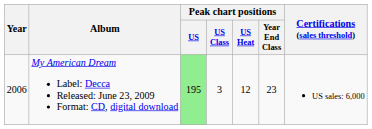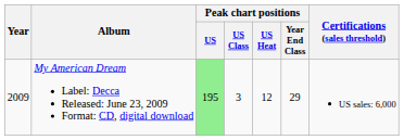 <table class="wikitable">
 <tr>
 <th rowspan="2">Year</th>
 <th rowspan="2">Album</th>
 <th colspan="4">Peak chart positions</th>
 <th rowspan="2"><a href='#'>Certifications</a><br><small>(<a href='#'>sales threshold</a>)</small></th>
 </tr>
 <tr style="font-size:smaller;">
 <th width="35"><a href='#'>US</a></th>
 <th width="35"><a href='#'>US Class</a></th>
 <th width="35"><a href='#'>US<br>Heat</a></th>
 <th width="35">Year End<br>Class</th>
 </tr>
 <tr>
-<td>2006</td>
+<td>2009</td>
 <td><em><a href='#'>My American Dream</a></em><br><ul><li>Label: <a href='#'>Decca</a></li><li>Released: June 23, 2009</li><li>Format: <a href='#'>CD</a>, <a href='#'>digital download</a></li></ul></td>
 <td align="center" style="background: lightgreen;">195</td>
 <td align="center">3</td>
 <td align="center">12</td>
-<td align="center">23</td>
+<td align="center">29</td>
 <td align="left"><br><ul><li><small>US sales: 6,000</small></li></ul></td>
 </tr>
 </table>
